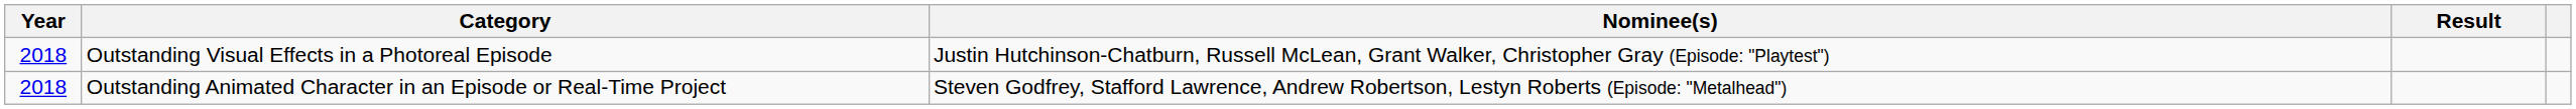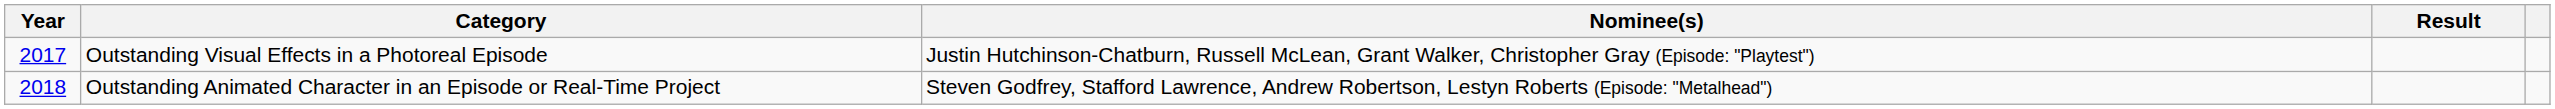 <table class="wikitable sortable" style="width:98%; summary:Black Mirror won zero of two awards.">
 <tr>
 <th scope="col" style="width:3%;">Year</th>
 <th scope="col" style="width:33%;">Category</th>
 <th>Nominee(s)</th>
 <th scope="col" style="width:6%;">Result</th>
 <th scope="col" class="unsortable" style="width:1%;"></th>
 </tr>
 <tr>
-<td style="text-align: center;"><a href='#'>2018</a></td>
+<td style="text-align: center;"><a href='#'>2017</a></td>
 <td>Outstanding Visual Effects in a Photoreal Episode</td>
 <td>Justin Hutchinson-Chatburn, Russell McLean, Grant Walker, Christopher Gray <small>(Episode: "Playtest")</small></td>
 <td></td>
 <td align="center"></td>
 </tr>
 <tr>
 <td style="text-align: center;"><a href='#'>2018</a></td>
 <td>Outstanding Animated Character in an Episode or Real-Time Project</td>
 <td>Steven Godfrey, Stafford Lawrence, Andrew Robertson, Lestyn Roberts <small>(Episode: "Metalhead")</small></td>
 <td></td>
 <td align="center"></td>
 </tr>
 </table>
